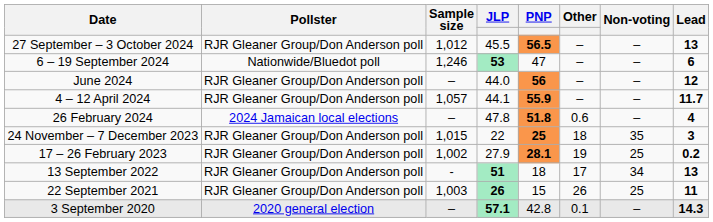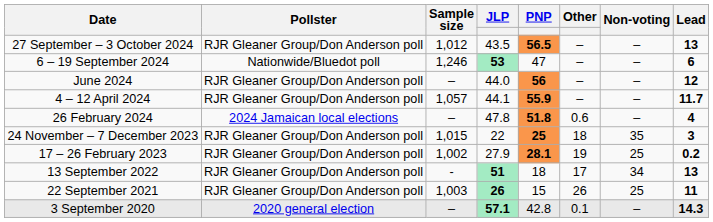 <table class="wikitable sortable" style="text-align:center;font-size:90%;line-height:14px;">
 <tr>
 <th rowspan=2>Date</th>
 <th rowspan=2>Pollster</th>
 <th rowspan=2>Sample<br>size</th>
 <th width=40px><a href='#'>JLP</a></th>
 <th width=40px><a href='#'>PNP</a></th>
 <th width=40px>Other</th>
 <th rowspan=2>Non-voting</th>
 <th rowspan=2>Lead</th>
 </tr>
 <tr>
 <th style="background:"></th>
 <th style="background:"></th>
 <th style="background:"></th>
 </tr>
 <tr>
 <td>27 September – 3 October 2024</td>
 <td>RJR Gleaner Group/Don Anderson poll</td>
 <td>1,012</td>
-<td>45.5</td>
+<td>43.5</td>
 <td style="background:#fa964b;"><strong>56.5</strong></td>
 <td>–</td>
 <td>–</td>
 <td data-sort-value="6" style="background:"><strong>13</strong></td>
 </tr>
 <tr>
 <td>6 – 19 September 2024</td>
 <td>Nationwide/Bluedot poll</td>
 <td>1,246</td>
 <td style="background:#a3ebc3;"><strong>53</strong></td>
 <td>47</td>
 <td>–</td>
 <td>–</td>
 <td data-sort-value="6" style="background:"><strong>6</strong></td>
 </tr>
 <tr>
 <td>June 2024</td>
 <td>RJR Gleaner Group/Don Anderson poll</td>
 <td>–</td>
 <td>44.0</td>
 <td style="background:#fa964b;"><strong>56</strong></td>
 <td>–</td>
 <td>–</td>
 <td data-sort-value="6" style="background:"><strong>12</strong></td>
 </tr>
 <tr>
 <td>4 – 12 April 2024</td>
 <td>RJR Gleaner Group/Don Anderson poll</td>
 <td>1,057</td>
 <td>44.1</td>
 <td style="background:#fa964b;"><strong>55.9</strong></td>
 <td>–</td>
 <td>–</td>
 <td data-sort-value="6" style="background:"><strong>11.7</strong></td>
 </tr>
 <tr>
 <td>26 February 2024</td>
 <td><a href='#'>2024 Jamaican local elections</a></td>
 <td>–</td>
 <td>47.8</td>
 <td style="background:#fa964b"><strong>51.8</strong></td>
 <td>0.6</td>
 <td>–</td>
 <td data-sort-value="6" style="background:"><strong>4</strong></td>
 </tr>
 <tr>
 <td>24 November – 7 December 2023</td>
 <td>RJR Gleaner Group/Don Anderson poll</td>
 <td>1,015</td>
 <td>22</td>
 <td style="background:#fa964b"><strong>25</strong></td>
 <td>18</td>
 <td>35</td>
 <td data-sort-value="6" style="background:"><strong>3</strong></td>
 </tr>
 <tr>
 <td>17 – 26 February 2023</td>
 <td>RJR Gleaner Group/Don Anderson poll</td>
 <td>1,002</td>
 <td>27.9</td>
 <td style="background:#fa964b;"><strong>28.1</strong></td>
 <td>19</td>
 <td>25</td>
 <td data-sort-value="6" style="background:"><strong>0.2</strong></td>
 </tr>
 <tr>
 <td>13 September 2022</td>
 <td>RJR Gleaner Group/Don Anderson poll</td>
 <td>-</td>
 <td style="background:#a3ebc3;"><strong>51</strong></td>
 <td>18</td>
 <td>17</td>
 <td>34</td>
 <td data-sort-value="6" style="background:"><strong>13</strong></td>
 </tr>
 <tr>
 <td>22 September 2021</td>
 <td>RJR Gleaner Group/Don Anderson poll</td>
 <td>1,003</td>
 <td style="background:#a3ebc3;"><strong>26</strong></td>
 <td>15</td>
 <td>26</td>
 <td>25</td>
 <td data-sort-value="6" style="background:"><strong>11</strong></td>
 </tr>
 <tr style="background:#E9E9E9;">
 <td>3 September 2020</td>
 <td><a href='#'>2020 general election</a></td>
 <td>–</td>
 <td style="background:#a3ebc3;"><strong>57.1</strong></td>
 <td>42.8</td>
 <td>0.1</td>
 <td>–</td>
 <td data-sort-value="6" style="background:"><strong>14.3</strong></td>
 </tr>
 </table>
